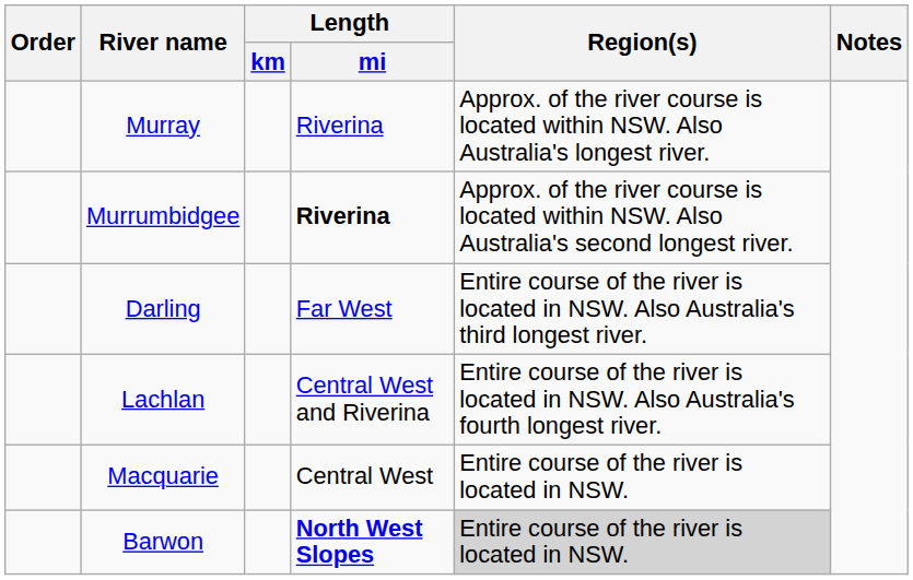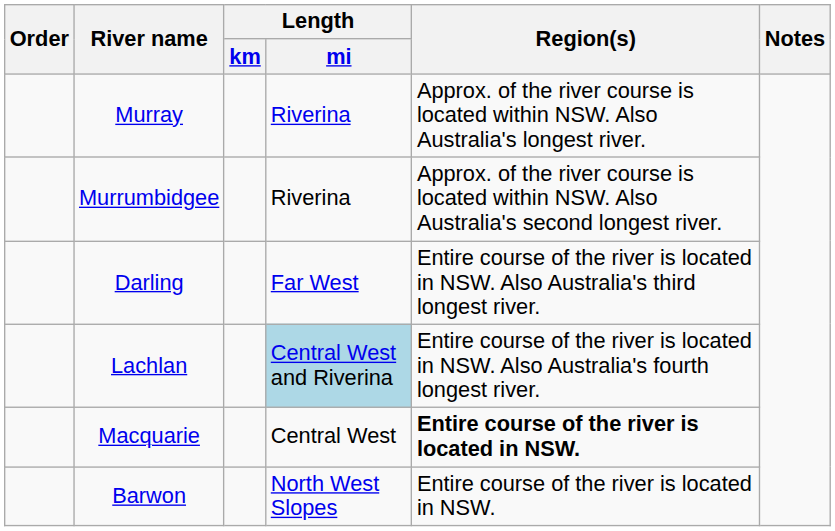 <table class="wikitable plainrowheaders" style="text-align:center;">
 <tr>
 <th rowspan=2>Order</th>
 <th rowspan=2>River name</th>
 <th colspan=2>Length</th>
 <th rowspan=2>Region(s)</th>
 <th rowspan=2>Notes</th>
 </tr>
 <tr>
 <th><a href='#'>km</a></th>
 <th><a href='#'>mi</a></th>
 </tr>
 <tr>
 <td></td>
 <td><a href='#'>Murray</a></td>
 <td></td>
 <td align=left><a href='#'>Riverina</a></td>
 <td align=left>Approx.  of the river course is located within NSW. Also Australia's longest river.</td>
 </tr>
 <tr>
 <td></td>
 <td><a href='#'>Murrumbidgee</a></td>
 <td></td>
-<td align=left><strong>Riverina</strong></td>
+<td align=left>Riverina</td>
 <td align=left>Approx.  of the river course is located within NSW. Also Australia's second longest river.</td>
 </tr>
 <tr>
 <td></td>
 <td><a href='#'>Darling</a></td>
 <td></td>
 <td align=left><a href='#'>Far West</a></td>
 <td align=left>Entire course of the river is located in NSW. Also Australia's third longest river.</td>
 </tr>
 <tr>
 <td></td>
 <td><a href='#'>Lachlan</a></td>
 <td></td>
-<td align=left><a href='#'>Central West</a> and Riverina</td>
+<td align=left style="background: lightblue;"><a href='#'>Central West</a> and Riverina</td>
 <td align=left>Entire course of the river is located in NSW. Also Australia's fourth longest river.</td>
 </tr>
 <tr>
 <td></td>
 <td><a href='#'>Macquarie</a></td>
 <td></td>
 <td align=left>Central West</td>
-<td align=left>Entire course of the river is located in NSW.</td>
+<td align=left><strong>Entire course of the river is located in NSW.</strong></td>
 </tr>
 <tr>
 <td></td>
 <td><a href='#'>Barwon</a></td>
 <td></td>
-<td align=left><strong><a href='#'>North West Slopes</a></strong></td>
-<td align=left style="background: lightgrey;">Entire course of the river is located in NSW.</td>
+<td align=left><a href='#'>North West Slopes</a></td>
+<td align=left>Entire course of the river is located in NSW.</td>
 </tr>
 </table>
